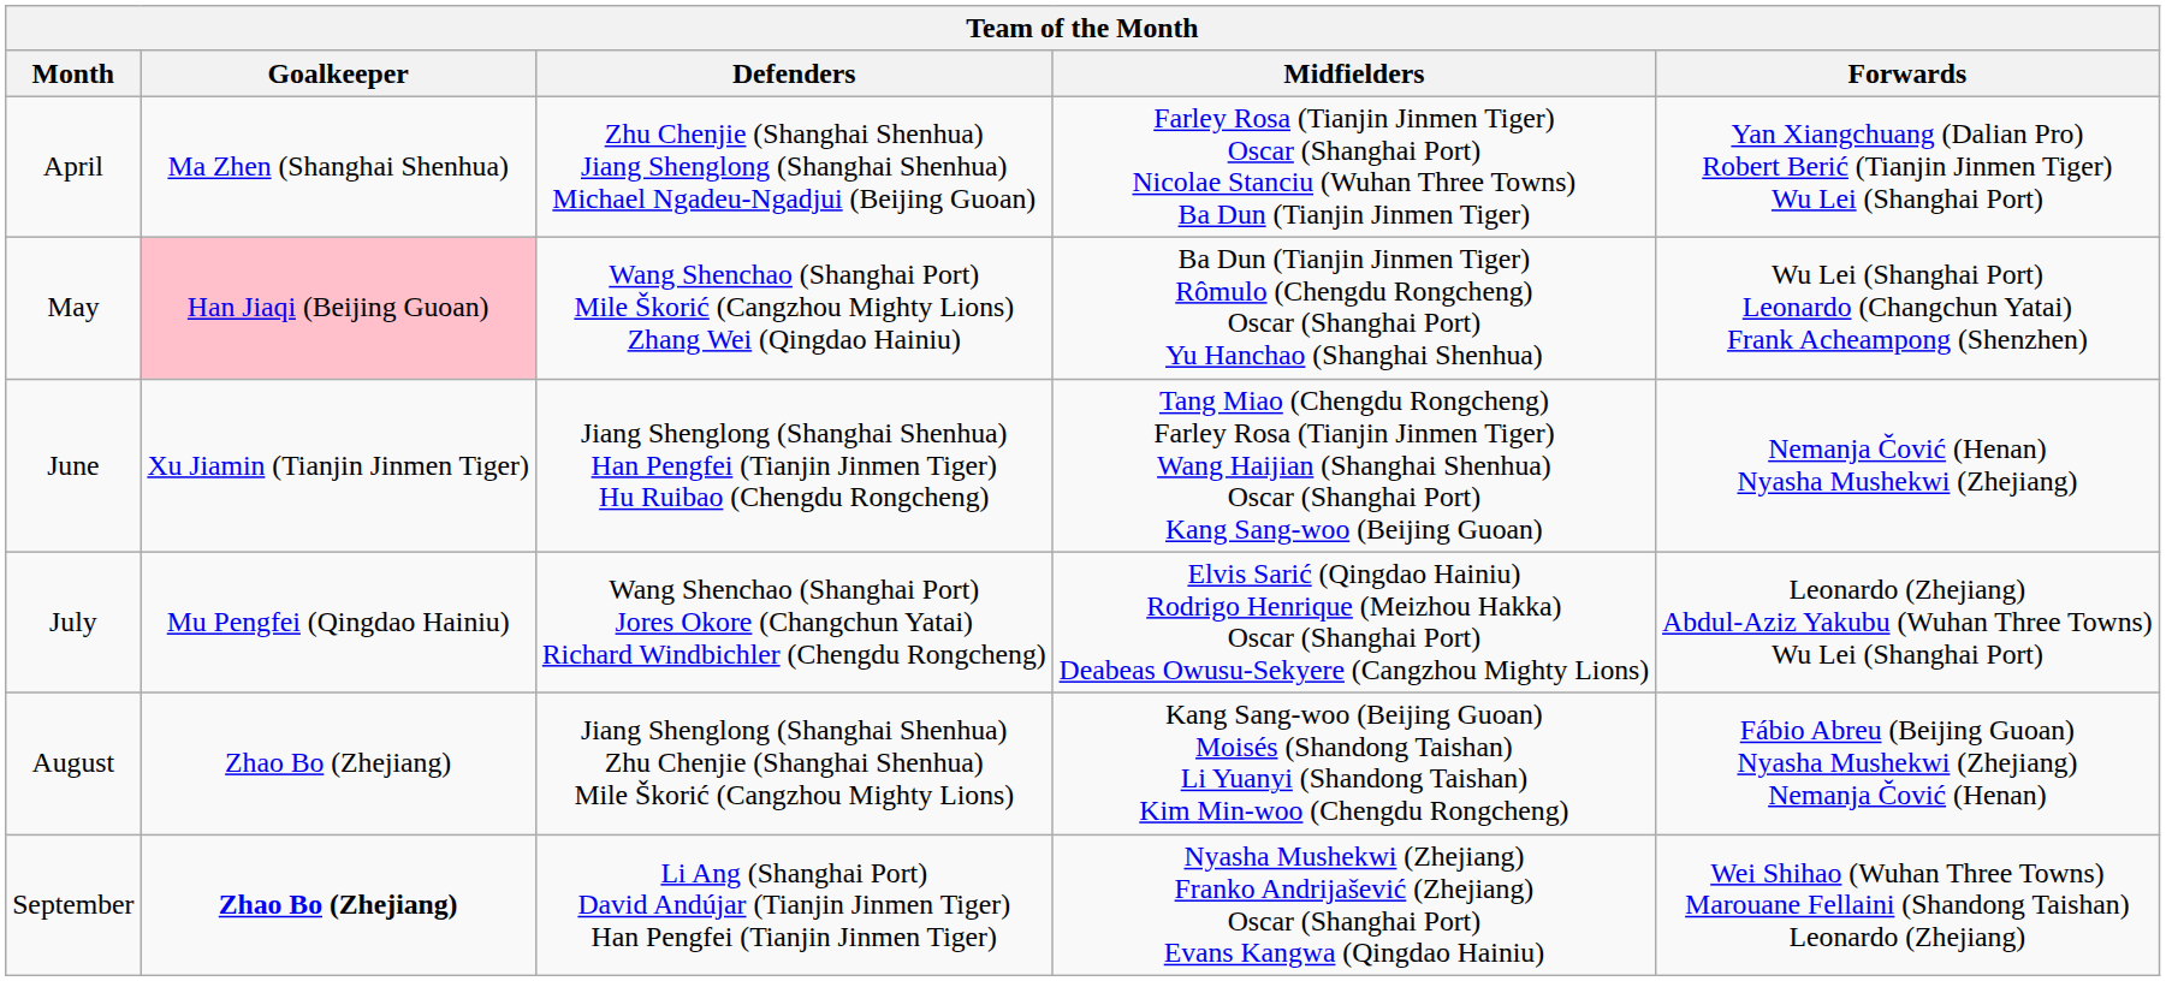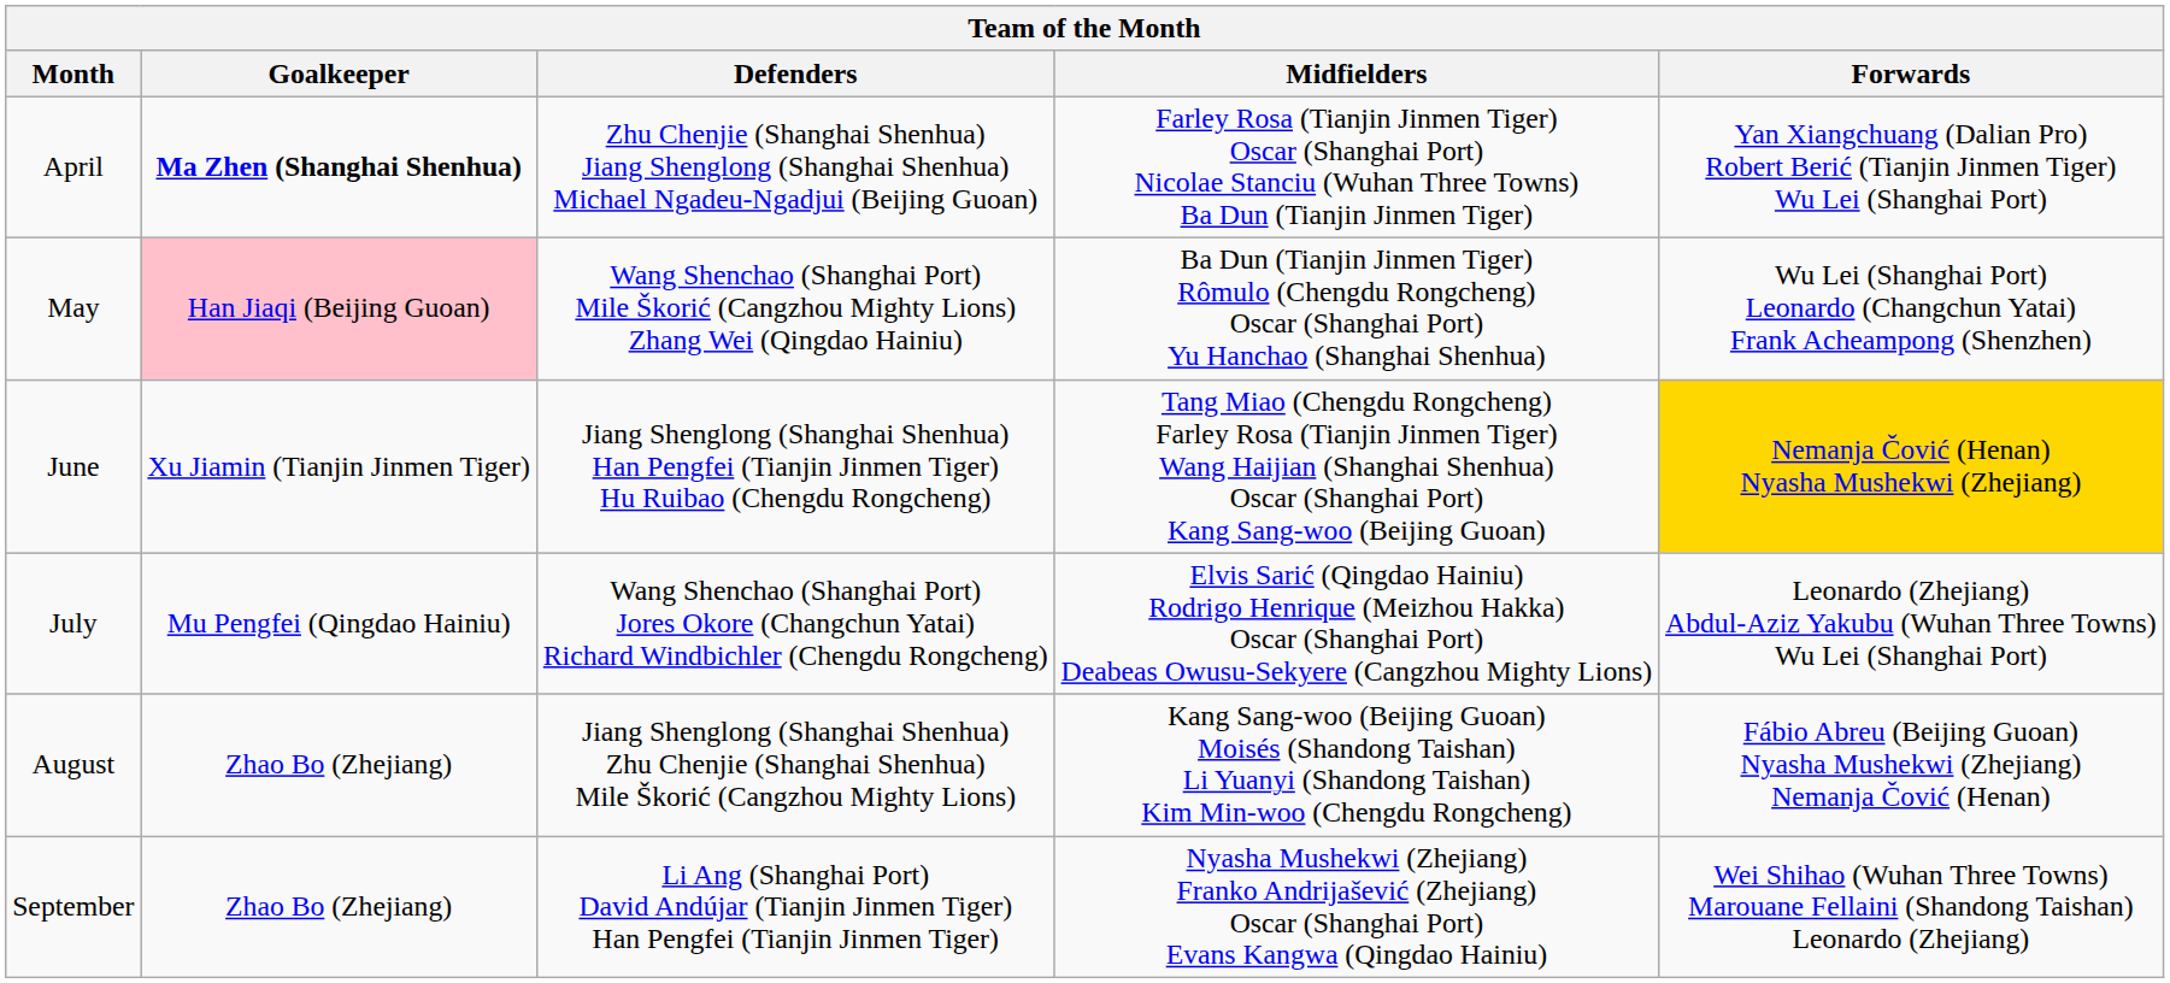 <table class="wikitable" style="text-align:center">
 <tr>
 <th colspan="5">Team of the Month</th>
 </tr>
 <tr>
 <th>Month</th>
 <th><strong>Goalkeeper</strong></th>
 <th><strong>Defenders</strong></th>
 <th><strong>Midfielders</strong></th>
 <th><strong>Forwards</strong></th>
 </tr>
 <tr>
 <td>April</td>
-<td> <a href='#'>Ma Zhen</a> (Shanghai Shenhua)</td>
+<td><strong> <a href='#'>Ma Zhen</a> (Shanghai Shenhua)</strong></td>
 <td> <a href='#'>Zhu Chenjie</a> (Shanghai Shenhua)<br> <a href='#'>Jiang Shenglong</a> (Shanghai Shenhua)<br> <a href='#'>Michael Ngadeu-Ngadjui</a> (Beijing Guoan)</td>
 <td> <a href='#'>Farley Rosa</a> (Tianjin Jinmen Tiger)<br> <a href='#'>Oscar</a> (Shanghai Port)<br> <a href='#'>Nicolae Stanciu</a> (Wuhan Three Towns)<br> <a href='#'>Ba Dun</a> (Tianjin Jinmen Tiger)</td>
 <td> <a href='#'>Yan Xiangchuang</a> (Dalian Pro)<br> <a href='#'>Robert Berić</a> (Tianjin Jinmen Tiger)<br> <a href='#'>Wu Lei</a> (Shanghai Port)</td>
 </tr>
 <tr>
 <td>May</td>
 <td style="background: pink;"> <a href='#'>Han Jiaqi</a> (Beijing Guoan)</td>
 <td> <a href='#'>Wang Shenchao</a> (Shanghai Port)<br> <a href='#'>Mile Škorić</a> (Cangzhou Mighty Lions)<br> <a href='#'>Zhang Wei</a> (Qingdao Hainiu)</td>
 <td> Ba Dun (Tianjin Jinmen Tiger)<br> <a href='#'>Rômulo</a> (Chengdu Rongcheng)<br> Oscar (Shanghai Port)<br> <a href='#'>Yu Hanchao</a> (Shanghai Shenhua)</td>
 <td> Wu Lei (Shanghai Port)<br> <a href='#'>Leonardo</a> (Changchun Yatai)<br> <a href='#'>Frank Acheampong</a> (Shenzhen)</td>
 </tr>
 <tr>
 <td>June</td>
 <td> <a href='#'>Xu Jiamin</a> (Tianjin Jinmen Tiger)</td>
 <td> Jiang Shenglong (Shanghai Shenhua)<br> <a href='#'>Han Pengfei</a> (Tianjin Jinmen Tiger)<br> <a href='#'>Hu Ruibao</a> (Chengdu Rongcheng)</td>
 <td> <a href='#'>Tang Miao</a> (Chengdu Rongcheng)<br> Farley Rosa (Tianjin Jinmen Tiger)<br> <a href='#'>Wang Haijian</a> (Shanghai Shenhua)<br> Oscar (Shanghai Port)<br> <a href='#'>Kang Sang-woo</a> (Beijing Guoan)</td>
-<td> <a href='#'>Nemanja Čović</a> (Henan)<br> <a href='#'>Nyasha Mushekwi</a> (Zhejiang)</td>
+<td style="background: gold;"> <a href='#'>Nemanja Čović</a> (Henan)<br> <a href='#'>Nyasha Mushekwi</a> (Zhejiang)</td>
 </tr>
 <tr>
 <td>July</td>
 <td> <a href='#'>Mu Pengfei</a> (Qingdao Hainiu)</td>
 <td> Wang Shenchao (Shanghai Port)<br> <a href='#'>Jores Okore</a> (Changchun Yatai)<br> <a href='#'>Richard Windbichler</a> (Chengdu Rongcheng)</td>
 <td> <a href='#'>Elvis Sarić</a> (Qingdao Hainiu)<br> <a href='#'>Rodrigo Henrique</a> (Meizhou Hakka)<br> Oscar (Shanghai Port)<br> <a href='#'>Deabeas Owusu-Sekyere</a> (Cangzhou Mighty Lions)</td>
 <td> Leonardo (Zhejiang)<br> <a href='#'>Abdul-Aziz Yakubu</a> (Wuhan Three Towns)<br> Wu Lei (Shanghai Port)</td>
 </tr>
 <tr>
 <td>August</td>
 <td> <a href='#'>Zhao Bo</a> (Zhejiang)</td>
 <td> Jiang Shenglong (Shanghai Shenhua)<br> Zhu Chenjie (Shanghai Shenhua)<br> Mile Škorić (Cangzhou Mighty Lions)</td>
 <td> Kang Sang-woo (Beijing Guoan)<br> <a href='#'>Moisés</a> (Shandong Taishan)<br> <a href='#'>Li Yuanyi</a> (Shandong Taishan)<br> <a href='#'>Kim Min-woo</a> (Chengdu Rongcheng)</td>
 <td> <a href='#'>Fábio Abreu</a> (Beijing Guoan)<br> <a href='#'>Nyasha Mushekwi</a> (Zhejiang)<br> <a href='#'>Nemanja Čović</a> (Henan)</td>
 </tr>
 <tr>
 <td>September</td>
-<td><strong> <a href='#'>Zhao Bo</a> (Zhejiang)</strong></td>
+<td> <a href='#'>Zhao Bo</a> (Zhejiang)</td>
 <td> <a href='#'>Li Ang</a> (Shanghai Port)<br> <a href='#'>David Andújar</a> (Tianjin Jinmen Tiger)<br> Han Pengfei (Tianjin Jinmen Tiger)</td>
 <td> <a href='#'>Nyasha Mushekwi</a> (Zhejiang)<br> <a href='#'>Franko Andrijašević</a> (Zhejiang)<br> Oscar (Shanghai Port)<br>  <a href='#'>Evans Kangwa</a> (Qingdao Hainiu)</td>
 <td> <a href='#'>Wei Shihao</a> (Wuhan Three Towns)<br> <a href='#'>Marouane Fellaini</a> (Shandong Taishan)<br>  Leonardo (Zhejiang)</td>
 </tr>
 </table>
